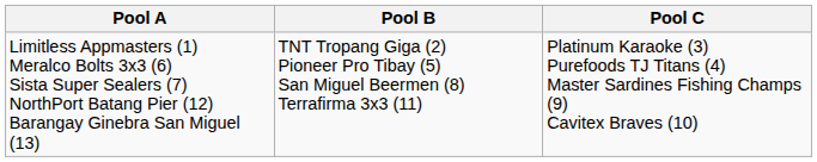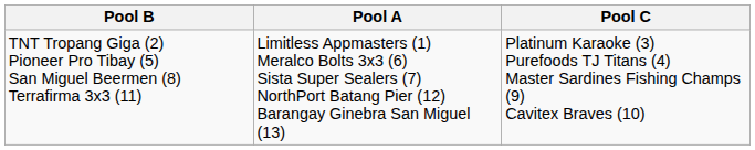 <table class=wikitable width=750>
 <tr>
+<th width=33%>Pool B</th>
 <th width=33%>Pool A</th>
-<th width=33%>Pool B</th>
 <th width=33%>Pool C</th>
 </tr>
 <tr valign=top>
+<td>TNT Tropang Giga (2) <br> Pioneer Pro Tibay (5) <br> San Miguel Beermen (8) <br> Terrafirma 3x3 (11)</td>
 <td>Limitless Appmasters (1) <br> Meralco Bolts 3x3 (6) <br> Sista Super Sealers (7) <br> NorthPort Batang Pier (12) <br> Barangay Ginebra San Miguel (13)</td>
-<td>TNT Tropang Giga (2) <br> Pioneer Pro Tibay (5) <br> San Miguel Beermen (8) <br> Terrafirma 3x3 (11)</td>
 <td>Platinum Karaoke (3) <br> Purefoods TJ Titans (4) <br> Master Sardines Fishing Champs (9) <br> Cavitex Braves (10)</td>
 </tr>
 </table>
